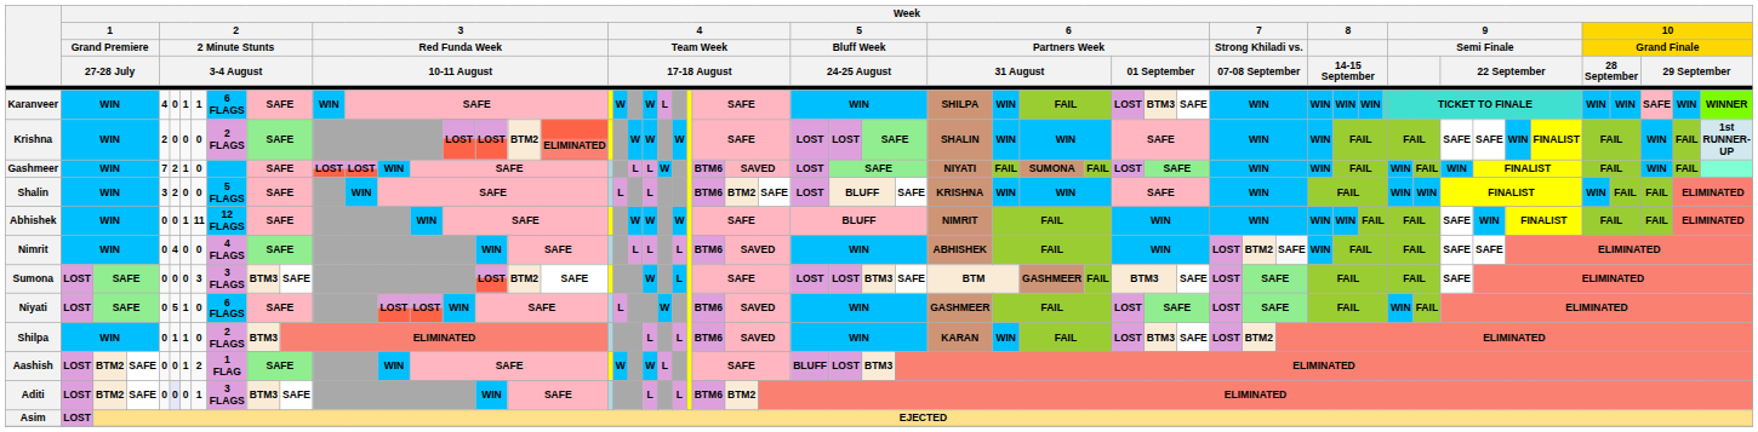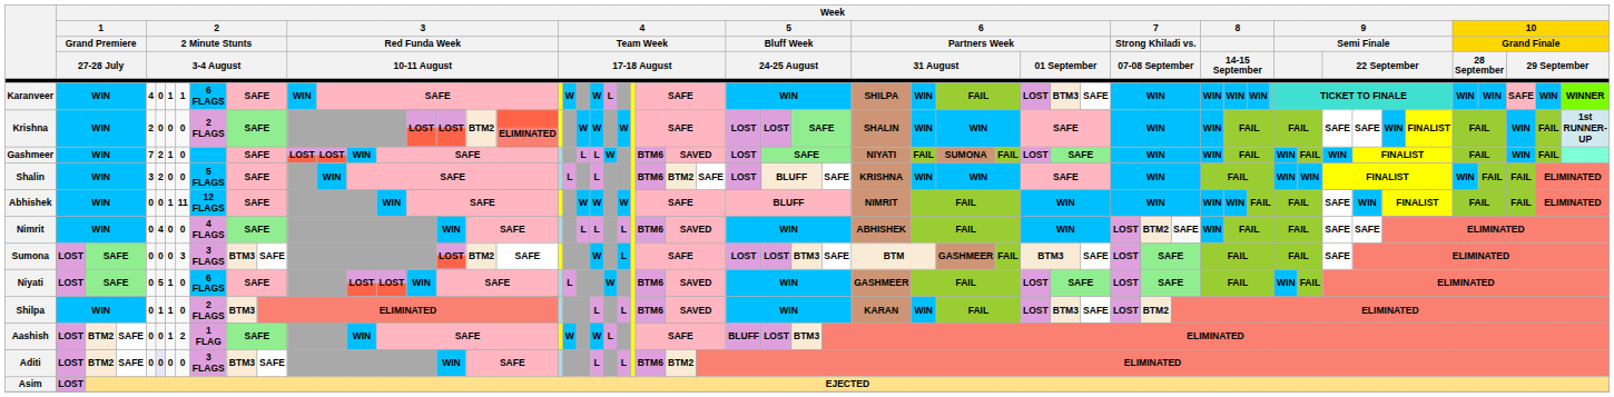 <table class="wikitable" border="3" class="wikitable" style="text-align:center; font-size:75%">
 <tr>
 <th rowspan="4"></th>
 <th colspan="57">Week</th>
 </tr>
 <tr>
 <th colspan="3">1</th>
 <th colspan="7">2</th>
 <th colspan="8">3</th>
 <th colspan="10">4</th>
 <th colspan="4">5</th>
 <th colspan="7">6</th>
 <th colspan="3">7</th>
 <th colspan="4">8</th>
 <th colspan="6">9</th>
 <th colspan="5" style="background:gold;">10</th>
 </tr>
 <tr>
 <th colspan="3">Grand Premiere</th>
 <th colspan="7">2 Minute Stunts</th>
 <th colspan="8">Red Funda Week</th>
 <th colspan="10">Team Week</th>
 <th colspan="4">Bluff Week</th>
 <th colspan="7">Partners Week</th>
 <th colspan="3">Strong Khiladi vs. </th>
 <th colspan="4"></th>
 <th colspan="6">Semi Finale</th>
 <th colspan="5" style="background:gold;"><strong>Grand Finale</strong></th>
 </tr>
 <tr>
 <th colspan="3">27-28 July</th>
 <th colspan="7">3-4 August</th>
 <th colspan="8">10-11 August</th>
 <th colspan="10">17-18 August</th>
 <th colspan="4">24-25 August</th>
 <th colspan="4">31 August</th>
 <th colspan="3">01 September</th>
 <th colspan="3">07-08 September</th>
 <th colspan="4">14-15 September</th>
 <th colspan="2"></th>
 <th colspan="4">22 September</th>
 <th colspan="2">28 September</th>
 <th colspan="3">29 September</th>
 </tr>
 <tr>
 <th colspan="60" style="background:#000"></th>
 </tr>
 <tr>
 <th>Karanveer</th>
 <td colspan="3" bgcolor="deepskyblue"><strong>WIN</strong></td>
 <td><strong>4</strong></td>
 <td><strong>0</strong></td>
 <td><strong>1</strong></td>
 <td><strong>1</strong></td>
 <td bgcolor="deepskyblue"><strong>6 FLAGS</strong></td>
 <td colspan="2" bgcolor="lightpink"><strong>SAFE</strong></td>
 <td bgcolor="deepskyblue"><strong>WIN</strong></td>
 <td colspan="7" bgcolor="lightpink"><strong>SAFE</strong></td>
 <td bgcolor=yellow></td>
 <td bgcolor="deepskyblue"><strong>W</strong></td>
 <td bgcolor=darkgrey></td>
 <td bgcolor="deepskyblue"><strong>W</strong></td>
 <td bgcolor="plum"><strong>L</strong></td>
 <td bgcolor=darkgrey></td>
 <td rowspan="11" bgcolor="yellow"></td>
 <td colspan="3" bgcolor="lightpink"><strong>SAFE</strong></td>
 <td colspan="4" bgcolor="deepskyblue"><strong>WIN</strong></td>
 <td bgcolor="#CD9575"><strong>SHILPA</strong></td>
 <td bgcolor="deepskyblue"><strong>WIN</strong></td>
 <td colspan="2" bgcolor="yellowgreen"><strong>FAIL</strong></td>
 <td bgcolor="plum"><strong>LOST</strong></td>
 <td style="background:antiquewhite;"><strong>BTM3</strong></td>
 <td style="background:white;"><strong>SAFE</strong></td>
 <td colspan="3" bgcolor="deepskyblue"><strong>WIN</strong></td>
 <td bgcolor="deepskyblue"><strong>WIN</strong></td>
 <td bgcolor="deepskyblue"><strong>WIN</strong></td>
 <td bgcolor="deepskyblue"><strong>WIN</strong></td>
 <td bgcolor="turquoise"></td>
 <td colspan="6" bgcolor="turquoise"><strong>TICKET TO FINALE</strong></td>
 <td bgcolor="deepskyblue"><strong>WIN</strong></td>
 <td bgcolor="deepskyblue"><strong>WIN</strong></td>
 <td style="background:lightpink;"><strong>SAFE</strong></td>
 <td bgcolor="deepskyblue"><strong>WIN</strong></td>
 <td style="background:#7CFC00;"><strong>WINNER</strong></td>
 </tr>
 <tr>
 <th>Krishna</th>
 <td colspan="3" bgcolor="deepskyblue"><strong>WIN</strong></td>
 <td><strong>2</strong></td>
 <td><strong>0</strong></td>
 <td><strong>0</strong></td>
 <td><strong>0</strong></td>
 <td bgcolor="plum"><strong>2 FLAGS</strong></td>
 <td colspan="2" style="background:lightgreen;"><strong>SAFE</strong></td>
 <td colspan="4" bgcolor="darkgrey"></td>
 <td style="background-image: linear-gradient( plum 50%, tomato 50%);"><strong>LOST</strong><br><strong></strong></td>
 <td style="background-image: linear-gradient( plum 50%, tomato 50%);"><strong>LOST</strong><br><strong></strong></td>
 <td style="background:antiquewhite;"><strong>BTM2</strong></td>
 <td style="background-image: linear-gradient( tomato 50%, salmon 50%);"><strong></strong><br><strong>ELIMINATED</strong></td>
 <td bgcolor=yellow></td>
 <td bgcolor=darkgrey></td>
 <td bgcolor="deepskyblue"><strong>W</strong></td>
 <td bgcolor="deepskyblue"><strong>W</strong></td>
 <td bgcolor=darkgrey></td>
 <td bgcolor="deepskyblue"><strong>W</strong></td>
 <td colspan="3" bgcolor="lightpink"><strong>SAFE</strong></td>
 <td bgcolor="plum"><strong>LOST</strong></td>
 <td bgcolor="plum"><strong>LOST</strong></td>
 <td colspan="2" style="background:lightgreen;"><strong>SAFE</strong></td>
 <td bgcolor="#CD9575"><strong>SHALIN</strong></td>
 <td bgcolor="deepskyblue"><strong>WIN</strong></td>
 <td colspan="2" bgcolor="deepskyblue"><strong>WIN</strong></td>
 <td colspan="3" bgcolor="lightpink"><strong>SAFE</strong></td>
 <td colspan="3" bgcolor="deepskyblue"><strong>WIN</strong></td>
 <td bgcolor="deepskyblue"><strong>WIN</strong></td>
 <td colspan="3" bgcolor="yellowgreen"><strong>FAIL</strong></td>
 <td colspan="2" bgcolor="yellowgreen"><strong>FAIL</strong></td>
 <td style="background:white;"><strong>SAFE</strong></td>
 <td style="background:white;"><strong>SAFE</strong></td>
 <td bgcolor="deepskyblue"><strong>WIN</strong></td>
 <td bgcolor="yellow"><strong>FINALIST</strong></td>
 <td colspan="2" bgcolor="yellowgreen"><strong>FAIL</strong></td>
 <td bgcolor="deepskyblue"><strong>WIN</strong></td>
 <td bgcolor="yellowgreen"><strong>FAIL</strong></td>
 <td style="background:#D1E8EF;"><strong>1st RUNNER-UP</strong></td>
 </tr>
 <tr>
 <th>Gashmeer</th>
 <td colspan="3" bgcolor="deepskyblue"><strong>WIN</strong></td>
 <td><strong>7</strong></td>
 <td><strong>2</strong></td>
 <td><strong>1</strong></td>
 <td><strong>0</strong></td>
 <td bgcolor="deepskyblue"></td>
 <td colspan="2" bgcolor="lightpink"><strong>SAFE</strong></td>
 <td style="background-image: linear-gradient( plum 50%, tomato 50%);"><strong>LOST</strong><br><strong></strong></td>
 <td style="background-image: linear-gradient( plum 50%, tomato 50%);"><strong>LOST</strong><br><strong></strong></td>
 <td bgcolor="deepskyblue"><strong>WIN</strong></td>
 <td colspan="5" bgcolor="lightpink"><strong>SAFE</strong></td>
 <td bgcolor=lightblue></td>
 <td bgcolor=darkgrey></td>
 <td bgcolor="plum"><strong>L</strong></td>
 <td bgcolor="plum"><strong>L</strong></td>
 <td bgcolor="deepskyblue"><strong>W</strong></td>
 <td bgcolor=darkgrey></td>
 <td bgcolor="plum"><strong>BTM6</strong></td>
 <td colspan="2" bgcolor="lightpink"><strong>SAVED</strong></td>
 <td bgcolor="plum"><strong>LOST</strong></td>
 <td colspan="3" style="background:lightgreen;"><strong>SAFE</strong></td>
 <td bgcolor="#CD9575"><strong>NIYATI</strong></td>
 <td bgcolor="yellowgreen"><strong>FAIL</strong></td>
 <td bgcolor="#CD9575"><strong>SUMONA</strong></td>
 <td bgcolor="yellowgreen"><strong>FAIL</strong></td>
 <td bgcolor="plum"><strong>LOST</strong></td>
 <td colspan="2" style="background:lightgreen;"><strong>SAFE</strong></td>
 <td colspan="3" bgcolor="deepskyblue"><strong>WIN</strong></td>
 <td bgcolor="deepskyblue"><strong>WIN</strong></td>
 <td colspan="3" bgcolor="yellowgreen"><strong>FAIL</strong></td>
 <td bgcolor="deepskyblue"><strong>WIN</strong></td>
 <td bgcolor="yellowgreen"><strong>FAIL</strong></td>
 <td bgcolor="deepskyblue"><strong>WIN</strong></td>
 <td colspan="3" bgcolor="yellow"><strong>FINALIST</strong></td>
 <td colspan="2" bgcolor="yellowgreen"><strong>FAIL</strong></td>
 <td bgcolor="deepskyblue"><strong>WIN</strong></td>
 <td bgcolor="yellowgreen"><strong>FAIL</strong></td>
 <td style="background:#7FFFD4;"></td>
 </tr>
 <tr>
 <th>Shalin</th>
 <td colspan="3" bgcolor="deepskyblue"><strong>WIN</strong></td>
 <td><strong>3</strong></td>
 <td><strong>2</strong></td>
 <td><strong>0</strong></td>
 <td><strong>0</strong></td>
 <td bgcolor="deepskyblue"><strong>5 FLAGS</strong></td>
 <td colspan="2" bgcolor="lightpink"><strong>SAFE</strong></td>
 <td bgcolor="darkgrey"></td>
 <td bgcolor="deepskyblue"><strong>WIN</strong></td>
 <td colspan="6" bgcolor="lightpink"><strong>SAFE</strong></td>
 <td bgcolor=lightblue></td>
 <td bgcolor="plum"><strong>L</strong></td>
 <td bgcolor=darkgrey></td>
 <td bgcolor="plum"><strong>L</strong></td>
 <td bgcolor=darkgrey></td>
 <td bgcolor=darkgrey></td>
 <td bgcolor="plum"><strong>BTM6</strong></td>
 <td style="background:antiquewhite;"><strong>BTM2</strong></td>
 <td style="background:white;"><strong>SAFE</strong></td>
 <td bgcolor="plum"><strong>LOST</strong></td>
 <td colspan=2 style="background:antiquewhite;"><strong>BLUFF</strong></td>
 <td style="background:white;"><strong>SAFE</strong></td>
 <td bgcolor="#CD9575"><strong>KRISHNA</strong></td>
 <td bgcolor="deepskyblue"><strong>WIN</strong></td>
 <td colspan="2" bgcolor="deepskyblue"><strong>WIN</strong></td>
 <td colspan="3" bgcolor="lightpink"><strong>SAFE</strong></td>
 <td colspan="3" bgcolor="deepskyblue"><strong>WIN</strong></td>
 <td colspan="4" bgcolor="yellowgreen"><strong>FAIL</strong></td>
 <td bgcolor="deepskyblue"><strong>WIN</strong></td>
 <td bgcolor="deepskyblue"><strong>WIN</strong></td>
 <td colspan="4" bgcolor="yellow"><strong>FINALIST</strong></td>
 <td bgcolor="deepskyblue"><strong>WIN</strong></td>
 <td bgcolor="yellowgreen"><strong>FAIL</strong></td>
 <td bgcolor="yellowgreen"><strong>FAIL</strong></td>
 <td colspan="2"  bgcolor="salmon"><strong>ELIMINATED</strong></td>
 </tr>
 <tr>
 <th>Abhishek</th>
 <td colspan="3" bgcolor="deepskyblue"><strong>WIN</strong></td>
 <td><strong>0</strong></td>
 <td><strong>0</strong></td>
 <td><strong>1</strong></td>
 <td><strong>11</strong></td>
 <td bgcolor="deepskyblue"><strong>12 FLAGS</strong></td>
 <td colspan="2" bgcolor="lightpink"><strong>SAFE</strong></td>
 <td colspan="3" bgcolor="darkgrey"></td>
 <td bgcolor="deepskyblue"><strong>WIN</strong></td>
 <td colspan="4" bgcolor="lightpink"><strong>SAFE</strong></td>
 <td bgcolor=yellow></td>
 <td bgcolor=darkgrey></td>
 <td bgcolor="deepskyblue"><strong>W</strong></td>
 <td bgcolor="deepskyblue"><strong>W</strong></td>
 <td bgcolor=darkgrey></td>
 <td bgcolor="deepskyblue"><strong>W</strong></td>
 <td colspan="3" bgcolor="lightpink"><strong>SAFE</strong></td>
 <td colspan="4" bgcolor="lightpink"><strong>BLUFF</strong></td>
 <td bgcolor="#CD9575"><strong>NIMRIT</strong></td>
 <td colspan="3" bgcolor="yellowgreen"><strong>FAIL</strong></td>
 <td colspan="3" bgcolor="deepskyblue"><strong>WIN</strong></td>
 <td colspan="3" bgcolor="deepskyblue"><strong>WIN</strong></td>
 <td bgcolor="deepskyblue"><strong>WIN</strong></td>
 <td bgcolor="deepskyblue"><strong>WIN</strong></td>
 <td colspan="2" bgcolor="yellowgreen"><strong>FAIL</strong></td>
 <td colspan="2" bgcolor="yellowgreen"><strong>FAIL</strong></td>
 <td style="background:white;"><strong>SAFE</strong></td>
 <td bgcolor="deepskyblue"><strong>WIN</strong></td>
 <td colspan="2" bgcolor="yellow"><strong>FINALIST</strong></td>
 <td colspan="2" bgcolor="yellowgreen"><strong>FAIL</strong></td>
 <td bgcolor="yellowgreen"><strong>FAIL</strong></td>
 <td colspan="2"  bgcolor="salmon"><strong>ELIMINATED</strong></td>
 </tr>
 <tr>
 <th>Nimrit</th>
 <td colspan="3" bgcolor="deepskyblue"><strong>WIN</strong></td>
 <td><strong>0</strong></td>
 <td><strong>4</strong></td>
 <td><strong>0</strong></td>
 <td><strong>0</strong></td>
 <td bgcolor="plum"><strong>4 FLAGS</strong></td>
 <td colspan="2" style="background:lightgreen;"><strong>SAFE</strong></td>
 <td colspan="5" bgcolor="darkgrey"></td>
 <td bgcolor="deepskyblue"><strong>WIN</strong></td>
 <td colspan="2" bgcolor="lightpink"><strong>SAFE</strong></td>
 <td bgcolor=lightblue></td>
 <td bgcolor=darkgrey></td>
 <td bgcolor="plum"><strong>L</strong></td>
 <td bgcolor="plum"><strong>L</strong></td>
 <td bgcolor=darkgrey></td>
 <td bgcolor="plum"><strong>L</strong></td>
 <td bgcolor="plum"><strong>BTM6</strong></td>
 <td colspan="2" bgcolor="lightpink"><strong>SAVED</strong></td>
 <td colspan="4" bgcolor="deepskyblue"><strong>WIN</strong></td>
 <td bgcolor="#CD9575"><strong>ABHISHEK</strong></td>
 <td colspan="3" bgcolor="yellowgreen"><strong>FAIL</strong></td>
 <td colspan="3" bgcolor="deepskyblue"><strong>WIN</strong></td>
 <td bgcolor="plum"><strong>LOST</strong></td>
 <td style="background:antiquewhite;"><strong>BTM2</strong></td>
 <td><strong>SAFE</strong></td>
 <td bgcolor="deepskyblue"><strong>WIN</strong></td>
 <td colspan="3" bgcolor="yellowgreen"><strong>FAIL</strong></td>
 <td colspan="2" bgcolor="yellowgreen"><strong>FAIL</strong></td>
 <td style="background:white;"><strong>SAFE</strong></td>
 <td style="background:white;"><strong>SAFE</strong></td>
 <td colspan="7"  bgcolor="salmon"><strong>ELIMINATED</strong></td>
 </tr>
 <tr>
 <th>Sumona</th>
 <td bgcolor="plum"><strong>LOST</strong></td>
 <td colspan="2" style="background:lightgreen;"><strong>SAFE</strong></td>
 <td><strong>0</strong></td>
 <td><strong>0</strong></td>
 <td><strong>0</strong></td>
 <td><strong>3</strong></td>
 <td bgcolor="plum"><strong>3 FLAGS</strong></td>
 <td style="background:antiquewhite;"><strong>BTM3</strong></td>
 <td style="background:white;"><strong>SAFE</strong></td>
 <td colspan="5" bgcolor="darkgrey"></td>
 <td style="background-image: linear-gradient( plum 50%, tomato 50%);"><strong>LOST</strong><br><strong></strong></td>
 <td style="background:antiquewhite;"><strong>BTM2</strong></td>
 <td style="background:white;"><strong>SAFE</strong></td>
 <td bgcolor=yellow></td>
 <td colspan="2" bgcolor="darkgrey"></td>
 <td bgcolor="deepskyblue"><strong>W</strong></td>
 <td bgcolor=darkgrey></td>
 <td bgcolor="deepskyblue"><strong>L</strong></td>
 <td colspan="3" bgcolor="lightpink"><strong>SAFE</strong></td>
 <td bgcolor="plum"><strong>LOST</strong></td>
 <td bgcolor="plum"><strong>LOST</strong></td>
 <td style="background:antiquewhite;"><strong>BTM3</strong></td>
 <td style="background:white;"><strong>SAFE</strong></td>
 <td colspan=2 style="background:antiquewhite;"><strong>BTM</strong></td>
 <td bgcolor="#CD9575"><strong>GASHMEER</strong></td>
 <td bgcolor="yellowgreen"><strong>FAIL</strong></td>
 <td colspan=2 style="background:antiquewhite;"><strong>BTM3</strong></td>
 <td style="background:white;"><strong>SAFE</strong></td>
 <td bgcolor="plum"><strong>LOST</strong></td>
 <td colspan="2" style="background:lightgreen;"><strong>SAFE</strong></td>
 <td colspan="4" bgcolor="yellowgreen"><strong>FAIL</strong></td>
 <td colspan="2" bgcolor="yellowgreen"><strong>FAIL</strong></td>
 <td style="background:white;"><strong>SAFE</strong></td>
 <td colspan="8"  bgcolor="salmon"><strong>ELIMINATED</strong></td>
 </tr>
 <tr>
 <th>Niyati</th>
 <td bgcolor="plum"><strong>LOST</strong></td>
 <td colspan="2" style="background:lightgreen;"><strong>SAFE</strong></td>
 <td><strong>0</strong></td>
 <td><strong>5</strong></td>
 <td><strong>1</strong></td>
 <td><strong>0</strong></td>
 <td bgcolor="deepskyblue"><strong>6 FLAGS</strong></td>
 <td colspan="2" bgcolor="lightpink"><strong>SAFE</strong></td>
 <td colspan="2" bgcolor="darkgrey"></td>
 <td style="background-image: linear-gradient( plum 50%, tomato 50%);"><strong>LOST</strong><br><strong></strong></td>
 <td style="background-image: linear-gradient( plum 50%, tomato 50%);"><strong>LOST</strong><br><strong></strong></td>
 <td bgcolor="deepskyblue"><strong>WIN</strong></td>
 <td colspan="3" bgcolor="lightpink"><strong>SAFE</strong></td>
 <td bgcolor=lightblue></td>
 <td bgcolor="plum"><strong>L</strong></td>
 <td colspan="2" bgcolor="darkgrey"></td>
 <td bgcolor="deepskyblue"><strong>W</strong></td>
 <td bgcolor=darkgrey></td>
 <td bgcolor="plum"><strong>BTM6</strong></td>
 <td colspan="2" bgcolor="lightpink"><strong>SAVED</strong></td>
 <td colspan="4" bgcolor="deepskyblue"><strong>WIN</strong></td>
 <td bgcolor="#CD9575"><strong>GASHMEER</strong></td>
 <td colspan="3" bgcolor="yellowgreen"><strong>FAIL</strong></td>
 <td bgcolor="plum"><strong>LOST</strong></td>
 <td colspan="2" style="background:lightgreen;"><strong>SAFE</strong></td>
 <td bgcolor="plum"><strong>LOST</strong></td>
 <td colspan="2" style="background:lightgreen;"><strong>SAFE</strong></td>
 <td colspan="4" bgcolor="yellowgreen"><strong>FAIL</strong></td>
 <td bgcolor="deepskyblue"><strong>WIN</strong></td>
 <td bgcolor="yellowgreen"><strong>FAIL</strong></td>
 <td colspan="9"  bgcolor="salmon"><strong>ELIMINATED</strong></td>
 </tr>
 <tr>
 <th>Shilpa</th>
 <td colspan="3" bgcolor="deepskyblue"><strong>WIN</strong></td>
 <td><strong>0</strong></td>
 <td><strong>1</strong></td>
 <td><strong>1</strong></td>
 <td><strong>0</strong></td>
 <td bgcolor="plum"><strong>2 FLAGS</strong></td>
 <td style="background:antiquewhite;"><strong>BTM3</strong></td>
 <td colspan="9"  bgcolor="salmon"><strong>ELIMINATED</strong></td>
 <td bgcolor=lightblue></td>
 <td colspan="2" bgcolor="darkgrey"></td>
 <td bgcolor="plum"><strong>L</strong></td>
 <td bgcolor=darkgrey></td>
 <td bgcolor="plum"><strong>L</strong></td>
 <td bgcolor="plum"><strong>BTM6</strong></td>
 <td colspan="2" bgcolor="lightpink"><strong>SAVED</strong></td>
 <td colspan="4" bgcolor="deepskyblue"><strong>WIN</strong></td>
 <td bgcolor="#CD9575"><strong>KARAN</strong></td>
 <td bgcolor="deepskyblue"><strong>WIN</strong></td>
 <td colspan="2" bgcolor="yellowgreen"><strong>FAIL</strong></td>
 <td bgcolor="plum"><strong>LOST</strong></td>
 <td style="background:antiquewhite;"><strong>BTM3</strong></td>
 <td style="background:white;"><strong>SAFE</strong></td>
 <td bgcolor="plum"><strong>LOST</strong></td>
 <td style="background:antiquewhite;"><strong>BTM2</strong></td>
 <td colspan="17"  bgcolor="salmon"><strong>ELIMINATED</strong></td>
 </tr>
 <tr>
 <th>Aashish</th>
 <td bgcolor="plum"><strong>LOST</strong></td>
 <td style="background:antiquewhite;"><strong>BTM2</strong></td>
 <td style="background:white;"><strong>SAFE</strong></td>
 <td><strong>0</strong></td>
 <td><strong>0</strong></td>
 <td><strong>1</strong></td>
 <td><strong>2</strong></td>
 <td bgcolor="plum"><strong>1 FLAG</strong></td>
 <td colspan="2" style="background:lightgreen;"><strong>SAFE</strong></td>
 <td colspan="2" bgcolor="darkgrey"></td>
 <td bgcolor="deepskyblue"><strong>WIN</strong></td>
 <td colspan="5" bgcolor="lightpink"><strong>SAFE</strong></td>
 <td bgcolor=yellow></td>
 <td bgcolor="deepskyblue"><strong>W</strong></td>
 <td bgcolor=darkgrey></td>
 <td bgcolor="deepskyblue"><strong>W</strong></td>
 <td bgcolor="plum"><strong>L</strong></td>
 <td bgcolor=darkgrey></td>
 <td colspan="3" bgcolor="lightpink"><strong>SAFE</strong></td>
 <td bgcolor="plum"><strong>BLUFF</strong></td>
 <td bgcolor="plum"><strong>LOST</strong></td>
 <td style="background:antiquewhite;"><strong>BTM3</strong></td>
 <td colspan="27"  bgcolor="salmon"><strong>ELIMINATED</strong></td>
 </tr>
 <tr>
 <th>Aditi</th>
 <td bgcolor="plum"><strong>LOST</strong></td>
 <td style="background:antiquewhite;"><strong>BTM2</strong></td>
 <td style="background:white;"><strong>SAFE</strong></td>
 <td><strong>0</strong></td>
 <td style="background: lavender;"><strong>0</strong></td>
 <td><strong>0</strong></td>
-<td><strong>1</strong></td>
+<td><strong>0</strong></td>
 <td bgcolor="Plum"><strong>3 FLAGS</strong></td>
 <td style="background:antiquewhite;"><strong>BTM3</strong></td>
 <td style="background:white;"><strong>SAFE</strong></td>
 <td colspan="5" bgcolor="darkgrey"></td>
 <td bgcolor="deepskyblue"><strong>WIN</strong></td>
 <td colspan="2" bgcolor="lightpink"><strong>SAFE</strong></td>
 <td bgcolor=lightblue></td>
 <td colspan="2" bgcolor="darkgrey"></td>
 <td bgcolor="plum"><strong>L</strong></td>
 <td bgcolor=darkgrey></td>
 <td bgcolor="plum"><strong>L</strong></td>
 <td bgcolor="plum"><strong>BTM6</strong></td>
 <td style="background:antiquewhite;"><strong>BTM2</strong></td>
 <td colspan="30"  bgcolor="salmon"><strong>ELIMINATED</strong></td>
 </tr>
 <tr>
 <th>Asim</th>
 <td bgcolor="plum"><strong>LOST</strong></td>
 <td colspan="56"  bgcolor="#FFE08B"><strong>EJECTED</strong></td>
 </tr>
 <tr>
 </tr>
 </table>
